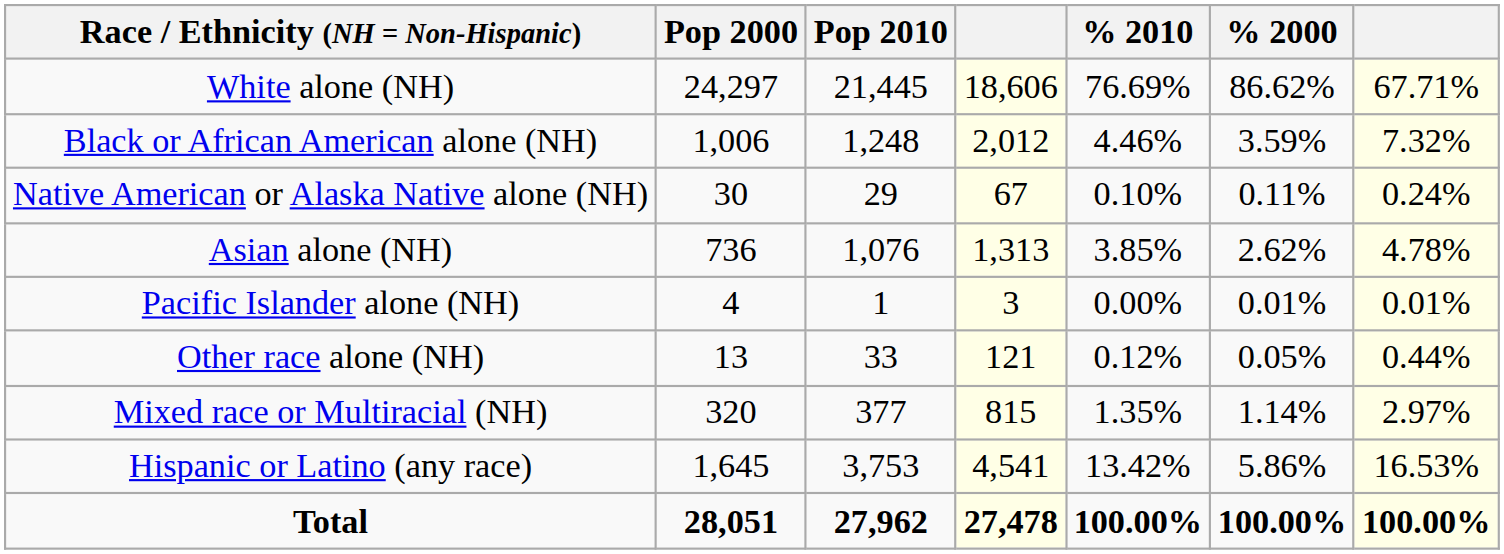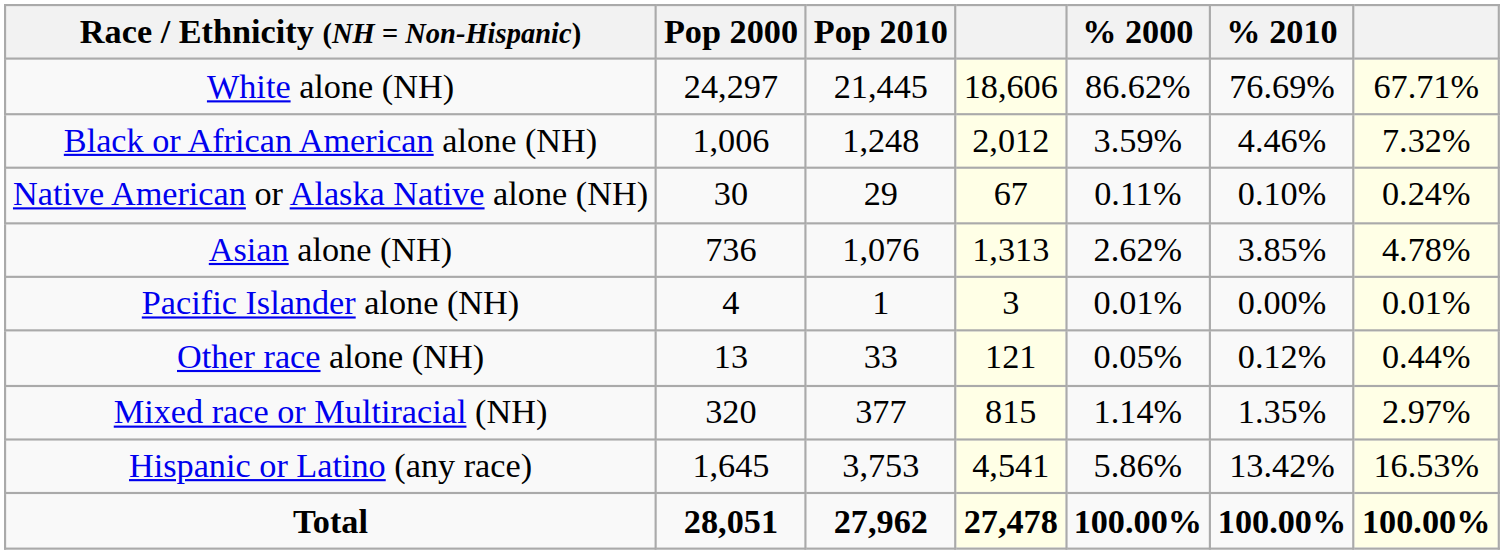 <table class="wikitable" style="text-align:center;">
 <tr>
 <th>Race / Ethnicity <small>(<em>NH = Non-Hispanic</em>)</small></th>
 <th>Pop 2000</th>
 <th>Pop 2010</th>
 <th></th>
+<th>% 2000</th>
 <th>% 2010</th>
-<th>% 2000</th>
 <th></th>
 </tr>
 <tr>
 <td><a href='#'>White</a> alone (NH)</td>
 <td>24,297</td>
 <td>21,445</td>
 <td style='background: #ffffe6;'>18,606</td>
+<td>86.62%</td>
 <td>76.69%</td>
-<td>86.62%</td>
 <td style='background: #ffffe6;'>67.71%</td>
 </tr>
 <tr>
 <td><a href='#'>Black or African American</a> alone (NH)</td>
 <td>1,006</td>
 <td>1,248</td>
 <td style='background: #ffffe6;'>2,012</td>
+<td>3.59%</td>
 <td>4.46%</td>
-<td>3.59%</td>
 <td style='background: #ffffe6;'>7.32%</td>
 </tr>
 <tr>
 <td><a href='#'>Native American</a> or <a href='#'>Alaska Native</a> alone (NH)</td>
 <td>30</td>
 <td>29</td>
 <td style='background: #ffffe6;'>67</td>
+<td>0.11%</td>
 <td>0.10%</td>
-<td>0.11%</td>
 <td style='background: #ffffe6;'>0.24%</td>
 </tr>
 <tr>
 <td><a href='#'>Asian</a> alone (NH)</td>
 <td>736</td>
 <td>1,076</td>
 <td style='background: #ffffe6;'>1,313</td>
+<td>2.62%</td>
 <td>3.85%</td>
-<td>2.62%</td>
 <td style='background: #ffffe6;'>4.78%</td>
 </tr>
 <tr>
 <td><a href='#'>Pacific Islander</a> alone (NH)</td>
 <td>4</td>
 <td>1</td>
 <td style='background: #ffffe6;'>3</td>
+<td>0.01%</td>
 <td>0.00%</td>
-<td>0.01%</td>
 <td style='background: #ffffe6;'>0.01%</td>
 </tr>
 <tr>
 <td><a href='#'>Other race</a> alone (NH)</td>
 <td>13</td>
 <td>33</td>
 <td style='background: #ffffe6;'>121</td>
+<td>0.05%</td>
 <td>0.12%</td>
-<td>0.05%</td>
 <td style='background: #ffffe6;'>0.44%</td>
 </tr>
 <tr>
 <td><a href='#'>Mixed race or Multiracial</a> (NH)</td>
 <td>320</td>
 <td>377</td>
 <td style='background: #ffffe6;'>815</td>
+<td>1.14%</td>
 <td>1.35%</td>
-<td>1.14%</td>
 <td style='background: #ffffe6;'>2.97%</td>
 </tr>
 <tr>
 <td><a href='#'>Hispanic or Latino</a> (any race)</td>
 <td>1,645</td>
 <td>3,753</td>
 <td style='background: #ffffe6;'>4,541</td>
+<td>5.86%</td>
 <td>13.42%</td>
-<td>5.86%</td>
 <td style='background: #ffffe6;'>16.53%</td>
 </tr>
 <tr>
 <td><strong>Total</strong></td>
 <td><strong>28,051</strong></td>
 <td><strong>27,962</strong></td>
 <td style='background: #ffffe6;'><strong>27,478</strong></td>
 <td><strong>100.00%</strong></td>
 <td><strong>100.00%</strong></td>
 <td style='background: #ffffe6;'><strong>100.00%</strong></td>
 </tr>
 </table>
